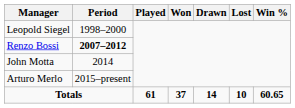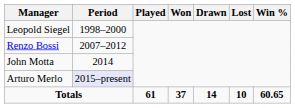 <table class="wikitable sortable" style="text-align:center;">
 <tr>
 <th>Manager</th>
 <th>Period</th>
 <th>Played</th>
 <th>Won</th>
 <th>Drawn</th>
 <th>Lost</th>
 <th>Win %</th>
 </tr>
 <tr>
 <td style="text-align: left;"> Leopold Siegel</td>
 <td>1998–2000<br></td>
 </tr>
 <tr>
 <td style="text-align: left;"> <a href='#'>Renzo Bossi</a></td>
-<td><strong>2007–2012<br></strong></td>
+<td>2007–2012<br></td>
 </tr>
 <tr>
 <td style="text-align: left;"> John Motta</td>
 <td>2014<br></td>
 </tr>
 <tr>
 <td style="text-align: left;"> Arturo Merlo</td>
-<td>2015–present<br></td>
+<td style="background: lavender;">2015–present<br></td>
 </tr>
 <tr>
 <td colspan="2"><strong>Totals</strong></td>
 <td><strong>61</strong></td>
 <td><strong>37</strong></td>
 <td><strong>14</strong></td>
 <td><strong>10</strong></td>
 <td><strong>60.65</strong></td>
 </tr>
 </table>
